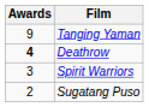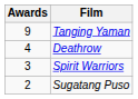 <table class="wikitable" style="text-align:center">
 <tr>
 <th scope="col">Awards</th>
 <th scope="col">Film</th>
 </tr>
 <tr>
 <td>9</td>
 <td align=left><em><a href='#'>Tanging Yaman</a></em></td>
 </tr>
 <tr>
-<td><strong>4</strong></td>
+<td>4</td>
 <td align=left><em><a href='#'>Deathrow</a></em></td>
 </tr>
 <tr>
 <td>3</td>
 <td align=left><em><a href='#'>Spirit Warriors</a></em></td>
 </tr>
 <tr>
 <td>2</td>
 <td align=left><em>Sugatang Puso</em></td>
 </tr>
 </table>
